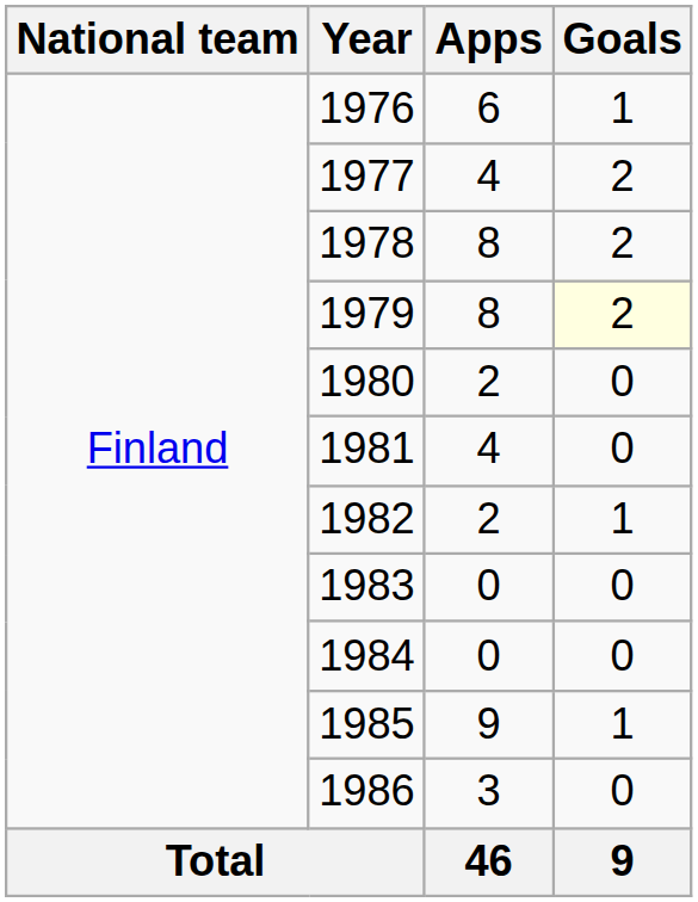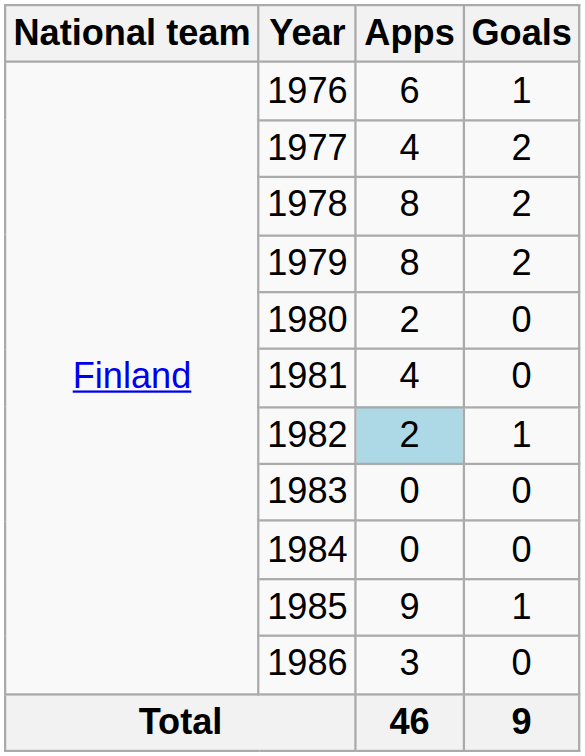 <table class="wikitable" style="text-align:center">
 <tr>
 <th>National team</th>
 <th>Year</th>
 <th>Apps</th>
 <th>Goals</th>
 </tr>
 <tr>
 <td rowspan="11"><a href='#'>Finland</a></td>
 <td>1976</td>
 <td>6</td>
 <td>1</td>
 </tr>
 <tr>
 <td>1977</td>
 <td>4</td>
 <td>2</td>
 </tr>
 <tr>
 <td>1978</td>
 <td>8</td>
 <td>2</td>
 </tr>
 <tr>
 <td>1979</td>
 <td>8</td>
-<td style="background: lightyellow;">2</td>
+<td>2</td>
 </tr>
 <tr>
 <td>1980</td>
 <td>2</td>
 <td>0</td>
 </tr>
 <tr>
 <td>1981</td>
 <td>4</td>
 <td>0</td>
 </tr>
 <tr>
 <td>1982</td>
-<td>2</td>
+<td style="background: lightblue;">2</td>
 <td>1</td>
 </tr>
 <tr>
 <td>1983</td>
 <td>0</td>
 <td>0</td>
 </tr>
 <tr>
 <td>1984</td>
 <td>0</td>
 <td>0</td>
 </tr>
 <tr>
 <td>1985</td>
 <td>9</td>
 <td>1</td>
 </tr>
 <tr>
 <td>1986</td>
 <td>3</td>
 <td>0</td>
 </tr>
 <tr>
 <th colspan="2">Total</th>
 <th>46</th>
 <th>9</th>
 </tr>
 </table>
